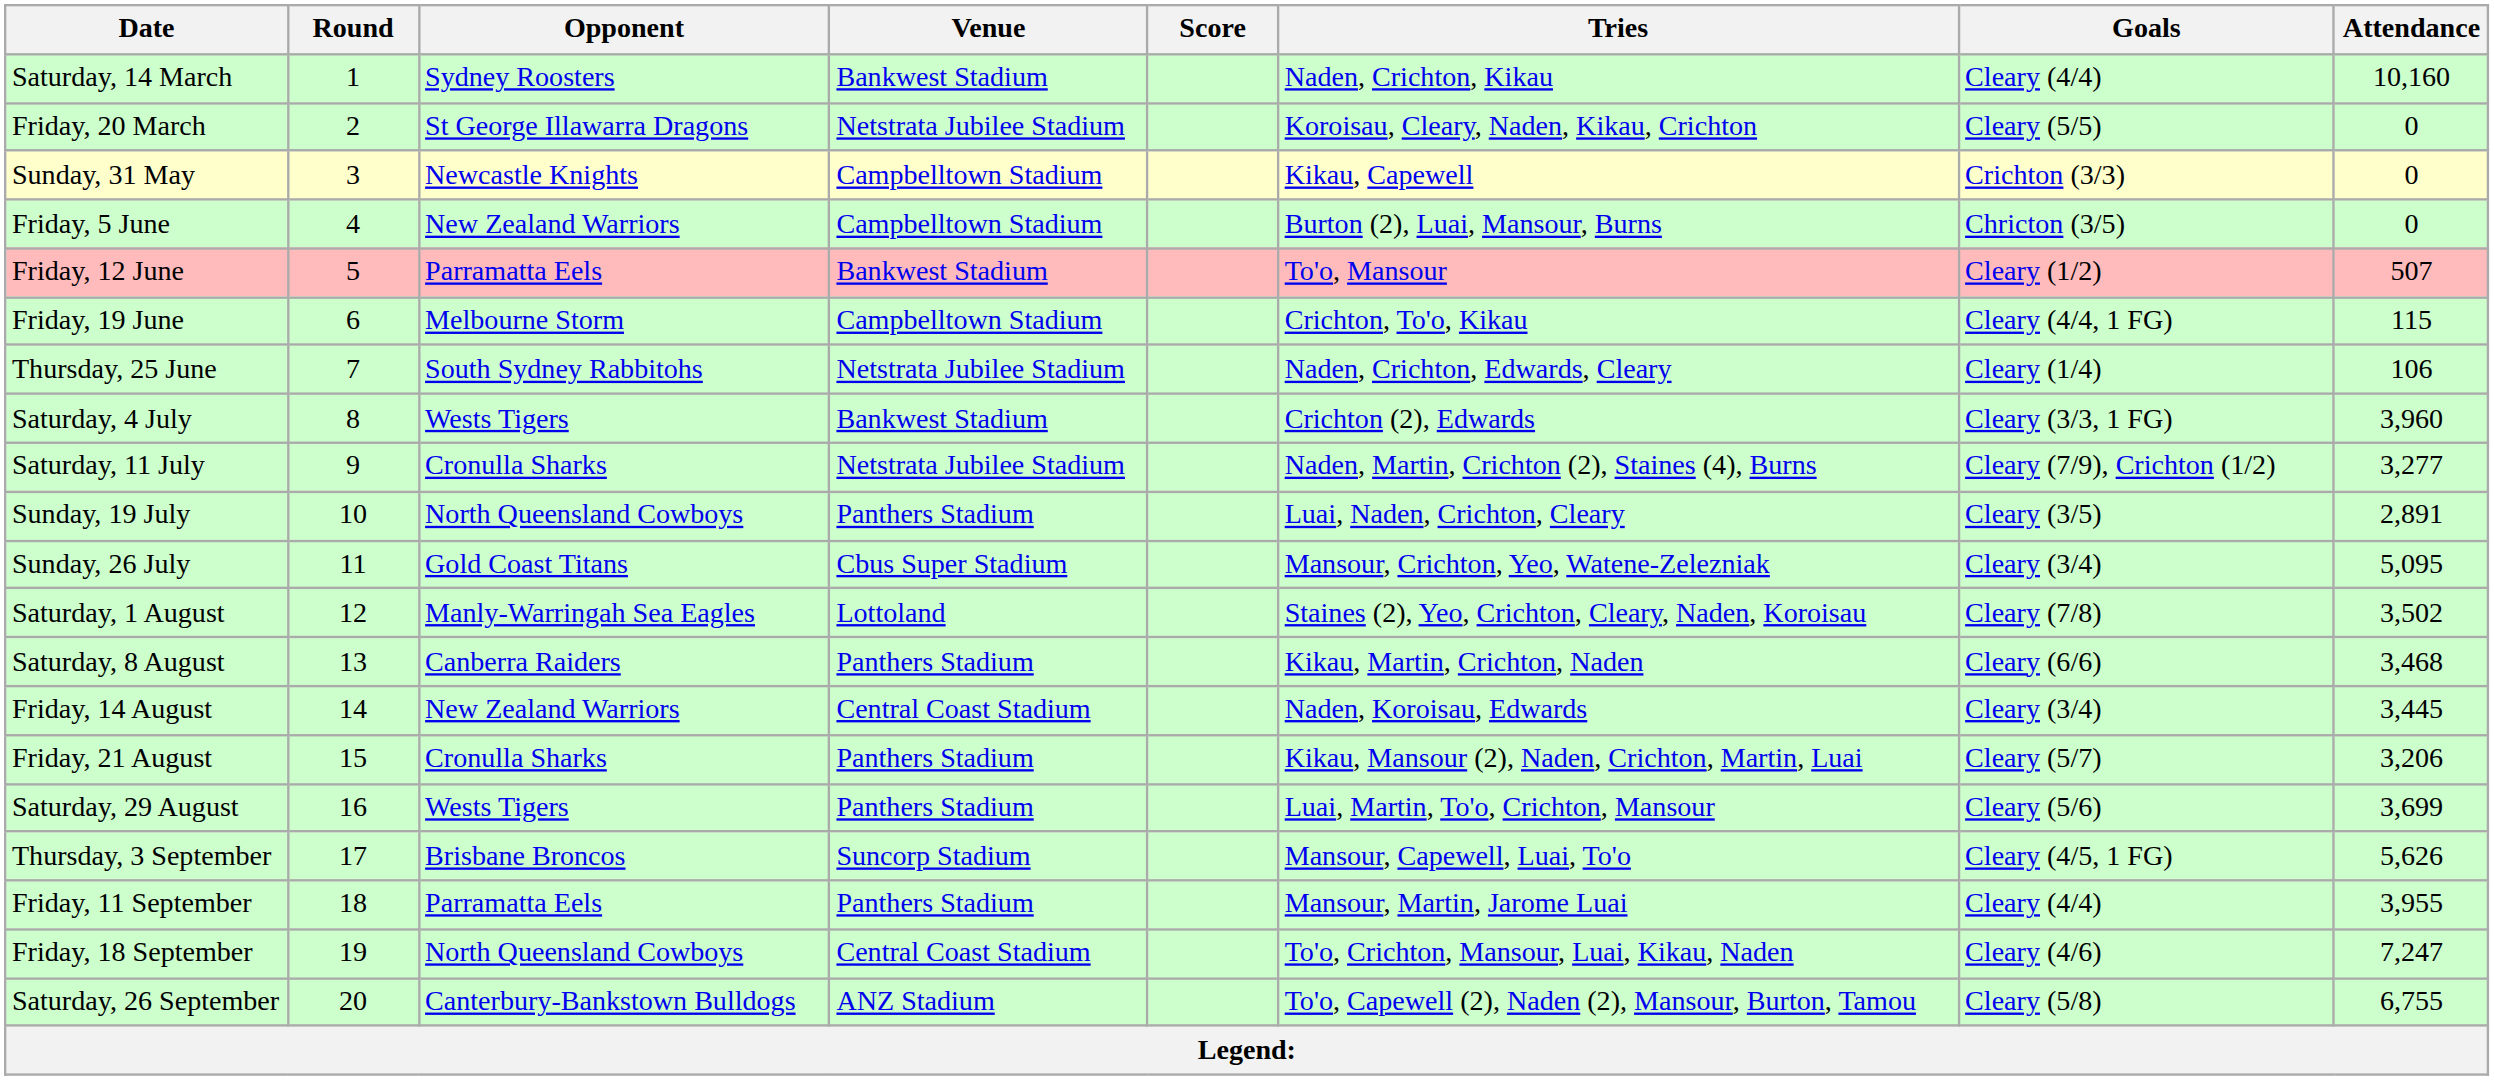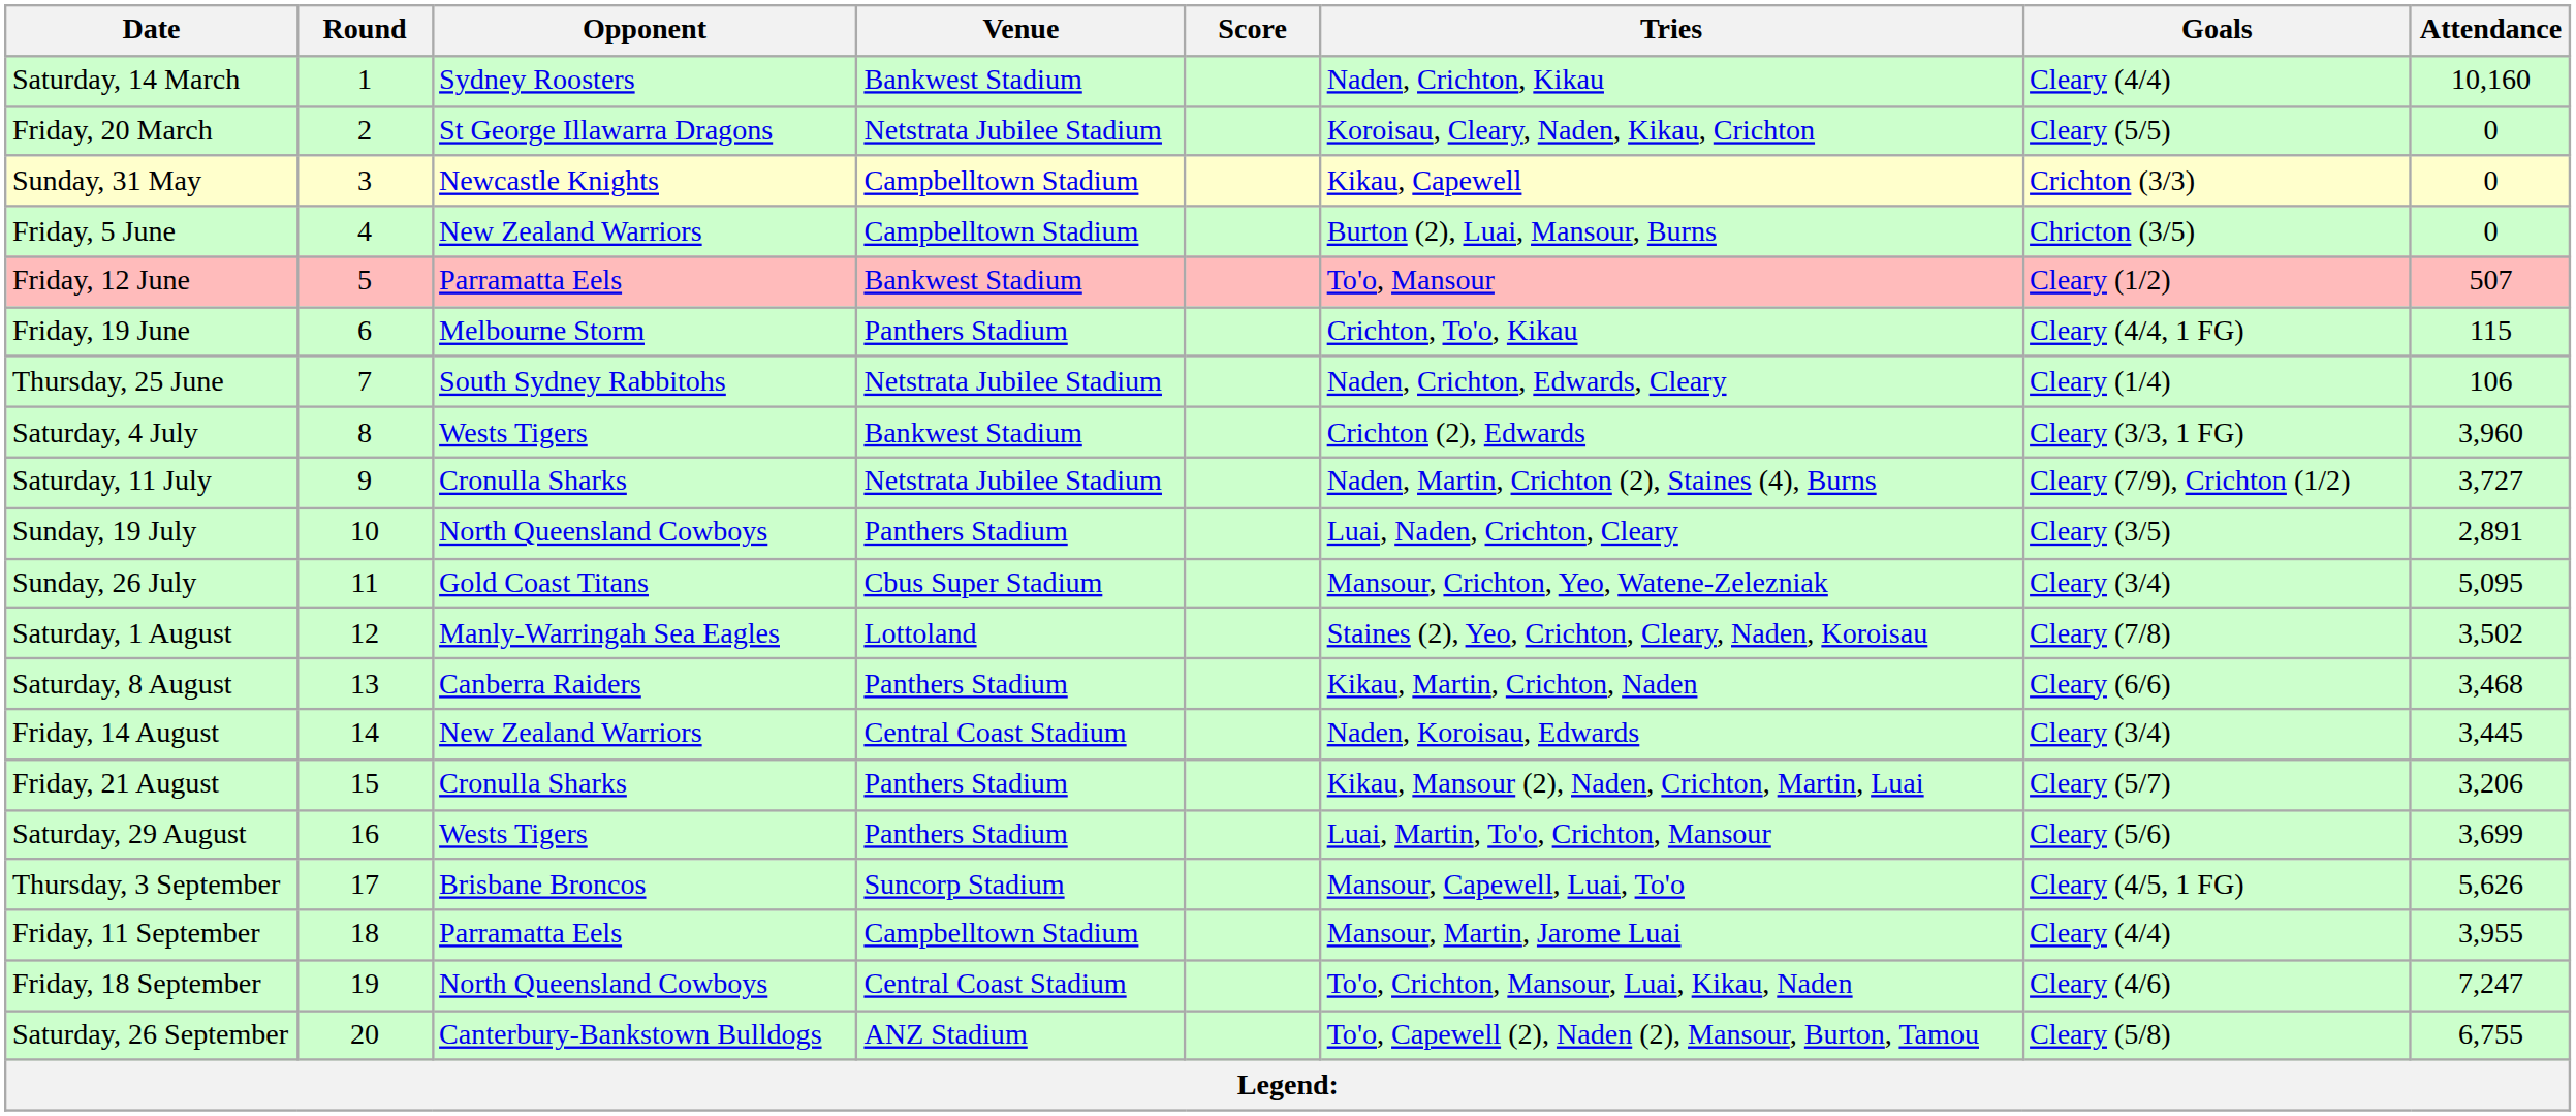 <table class="wikitable" style="font-size:75%;">
 <tr>
 <th style="width:115px;">Date</th>
 <th style="width:50px;">Round</th>
 <th style="width:170px;">Opponent</th>
 <th style="width:130px;">Venue</th>
 <th style="width:50px;">Score</th>
 <th style="width:285px;">Tries</th>
 <th style="width:155px;">Goals</th>
 <th style="width:60px;">Attendance</th>
 </tr>
 <tr style="background:#cfc;">
 <td>Saturday, 14 March</td>
 <td style="text-align:center;">1</td>
 <td> <a href='#'>Sydney Roosters</a></td>
 <td><a href='#'>Bankwest Stadium</a></td>
 <td style="text-align:center;"></td>
 <td><a href='#'>Naden</a>, <a href='#'>Crichton</a>, <a href='#'>Kikau</a></td>
 <td><a href='#'>Cleary</a> (4/4)</td>
 <td style="text-align:center;">10,160</td>
 </tr>
 <tr style="background:#cfc;">
 <td>Friday, 20 March</td>
 <td style="text-align:center;">2</td>
 <td> <a href='#'>St George Illawarra Dragons</a></td>
 <td><a href='#'>Netstrata Jubilee Stadium</a></td>
 <td style="text-align:center;"></td>
 <td><a href='#'>Koroisau</a>, <a href='#'>Cleary</a>, <a href='#'>Naden</a>, <a href='#'>Kikau</a>, <a href='#'>Crichton</a></td>
 <td><a href='#'>Cleary</a> (5/5)</td>
 <td style="text-align:center;">0</td>
 </tr>
 <tr style="background:#FFFFCC;">
 <td>Sunday, 31 May</td>
 <td style="text-align:center;">3</td>
 <td> <a href='#'>Newcastle Knights</a></td>
 <td><a href='#'>Campbelltown Stadium</a></td>
 <td style="text-align:center;"></td>
 <td><a href='#'>Kikau</a>, <a href='#'>Capewell</a></td>
 <td><a href='#'>Crichton</a> (3/3)</td>
 <td style="text-align:center;">0</td>
 </tr>
 <tr style="background:#cfc;">
 <td>Friday, 5 June</td>
 <td style="text-align:center;">4</td>
 <td> <a href='#'>New Zealand Warriors</a></td>
 <td><a href='#'>Campbelltown Stadium</a></td>
 <td style="text-align:center;"></td>
 <td><a href='#'>Burton</a> (2), <a href='#'>Luai</a>, <a href='#'>Mansour</a>, <a href='#'>Burns</a></td>
 <td><a href='#'>Chricton</a> (3/5)</td>
 <td style="text-align:center;">0</td>
 </tr>
 <tr style="background:#FFBBBB">
 <td>Friday, 12 June</td>
 <td style="text-align:center;">5</td>
 <td> <a href='#'>Parramatta Eels</a></td>
 <td><a href='#'>Bankwest Stadium</a></td>
 <td style="text-align:center;"></td>
 <td><a href='#'>To'o</a>, <a href='#'>Mansour</a></td>
 <td><a href='#'>Cleary</a> (1/2)</td>
 <td style="text-align:center;">507</td>
 </tr>
 <tr style="background:#cfc;">
 <td>Friday, 19 June</td>
 <td style="text-align:center;">6</td>
 <td> <a href='#'>Melbourne Storm</a></td>
-<td><a href='#'>Campbelltown Stadium</a></td>
+<td><a href='#'>Panthers Stadium</a></td>
 <td style="text-align:center;"></td>
 <td><a href='#'>Crichton</a>, <a href='#'>To'o</a>, <a href='#'>Kikau</a></td>
 <td><a href='#'>Cleary</a> (4/4, 1 FG)</td>
 <td style="text-align:center;">115</td>
 </tr>
 <tr style="background:#cfc;">
 <td>Thursday, 25 June</td>
 <td style="text-align:center;">7</td>
 <td> <a href='#'>South Sydney Rabbitohs</a></td>
 <td><a href='#'>Netstrata Jubilee Stadium</a></td>
 <td style="text-align:center;"></td>
 <td><a href='#'>Naden</a>, <a href='#'>Crichton</a>, <a href='#'>Edwards</a>, <a href='#'>Cleary</a></td>
 <td><a href='#'>Cleary</a> (1/4)</td>
 <td style="text-align:center;">106</td>
 </tr>
 <tr style="background:#cfc;">
 <td>Saturday, 4 July</td>
 <td style="text-align:center;">8</td>
 <td> <a href='#'>Wests Tigers</a></td>
 <td><a href='#'>Bankwest Stadium</a></td>
 <td style="text-align:center;"></td>
 <td><a href='#'>Crichton</a> (2), <a href='#'>Edwards</a></td>
 <td><a href='#'>Cleary</a> (3/3, 1 FG)</td>
 <td style="text-align:center;">3,960</td>
 </tr>
 <tr style="background:#cfc;">
 <td>Saturday, 11 July</td>
 <td style="text-align:center;">9</td>
 <td> <a href='#'>Cronulla Sharks</a></td>
 <td><a href='#'>Netstrata Jubilee Stadium</a></td>
 <td style="text-align:center;"></td>
 <td><a href='#'>Naden</a>, <a href='#'>Martin</a>, <a href='#'>Crichton</a> (2), <a href='#'>Staines</a> (4), <a href='#'>Burns</a></td>
 <td><a href='#'>Cleary</a> (7/9), <a href='#'>Crichton</a> (1/2)</td>
-<td style="text-align:center;">3,277</td>
+<td style="text-align:center;">3,727</td>
 </tr>
 <tr style="background:#cfc;">
 <td>Sunday, 19 July</td>
 <td style="text-align:center;">10</td>
 <td> <a href='#'>North Queensland Cowboys</a></td>
 <td><a href='#'>Panthers Stadium</a></td>
 <td style="text-align:center;"></td>
 <td><a href='#'>Luai</a>, <a href='#'>Naden</a>, <a href='#'>Crichton</a>, <a href='#'>Cleary</a></td>
 <td><a href='#'>Cleary</a> (3/5)</td>
 <td style="text-align:center;">2,891</td>
 </tr>
 <tr style="background:#cfc;">
 <td>Sunday, 26 July</td>
 <td style="text-align:center;">11</td>
 <td> <a href='#'>Gold Coast Titans</a></td>
 <td><a href='#'>Cbus Super Stadium</a></td>
 <td style="text-align:center;"></td>
 <td><a href='#'>Mansour</a>, <a href='#'>Crichton</a>, <a href='#'>Yeo</a>, <a href='#'>Watene-Zelezniak</a></td>
 <td><a href='#'>Cleary</a> (3/4)</td>
 <td style="text-align:center;">5,095</td>
 </tr>
 <tr style="background:#cfc;">
 <td>Saturday, 1 August</td>
 <td style="text-align:center;">12</td>
 <td> <a href='#'>Manly-Warringah Sea Eagles</a></td>
 <td><a href='#'>Lottoland</a></td>
 <td style="text-align:center;"></td>
 <td><a href='#'>Staines</a> (2), <a href='#'>Yeo</a>, <a href='#'>Crichton</a>, <a href='#'>Cleary</a>, <a href='#'>Naden</a>, <a href='#'>Koroisau</a></td>
 <td><a href='#'>Cleary</a> (7/8)</td>
 <td style="text-align:center;">3,502</td>
 </tr>
 <tr style="background:#cfc;">
 <td>Saturday, 8 August</td>
 <td style="text-align:center;">13</td>
 <td> <a href='#'>Canberra Raiders</a></td>
 <td><a href='#'>Panthers Stadium</a></td>
 <td style="text-align:center;"></td>
 <td><a href='#'>Kikau</a>, <a href='#'>Martin</a>, <a href='#'>Crichton</a>, <a href='#'>Naden</a></td>
 <td><a href='#'>Cleary</a> (6/6)</td>
 <td style="text-align:center;">3,468</td>
 </tr>
 <tr style="background:#cfc;">
 <td>Friday, 14 August</td>
 <td style="text-align:center;">14</td>
 <td> <a href='#'>New Zealand Warriors</a></td>
 <td><a href='#'>Central Coast Stadium</a></td>
 <td style="text-align:center;"></td>
 <td><a href='#'>Naden</a>, <a href='#'>Koroisau</a>, <a href='#'>Edwards</a></td>
 <td><a href='#'>Cleary</a> (3/4)</td>
 <td style="text-align:center;">3,445</td>
 </tr>
 <tr style="background:#cfc;">
 <td>Friday, 21 August</td>
 <td style="text-align:center;">15</td>
 <td> <a href='#'>Cronulla Sharks</a></td>
 <td><a href='#'>Panthers Stadium</a></td>
 <td style="text-align:center;"></td>
 <td><a href='#'>Kikau</a>, <a href='#'>Mansour</a> (2), <a href='#'>Naden</a>, <a href='#'>Crichton</a>, <a href='#'>Martin</a>, <a href='#'>Luai</a></td>
 <td><a href='#'>Cleary</a> (5/7)</td>
 <td style="text-align:center;">3,206</td>
 </tr>
 <tr style="background:#cfc;">
 <td>Saturday, 29 August</td>
 <td style="text-align:center;">16</td>
 <td> <a href='#'>Wests Tigers</a></td>
 <td><a href='#'>Panthers Stadium</a></td>
 <td style="text-align:center;"></td>
 <td><a href='#'>Luai</a>, <a href='#'>Martin</a>, <a href='#'>To'o</a>, <a href='#'>Crichton</a>, <a href='#'>Mansour</a></td>
 <td><a href='#'>Cleary</a> (5/6)</td>
 <td style="text-align:center;">3,699</td>
 </tr>
 <tr style="background:#cfc;">
 <td>Thursday, 3 September</td>
 <td style="text-align:center;">17</td>
 <td> <a href='#'>Brisbane Broncos</a></td>
 <td><a href='#'>Suncorp Stadium</a></td>
 <td style="text-align:center;"></td>
 <td><a href='#'>Mansour</a>, <a href='#'>Capewell</a>, <a href='#'>Luai</a>, <a href='#'>To'o</a></td>
 <td><a href='#'>Cleary</a> (4/5, 1 FG)</td>
 <td style="text-align:center;">5,626</td>
 </tr>
 <tr style="background:#cfc;">
 <td>Friday, 11 September</td>
 <td style="text-align:center;">18</td>
 <td> <a href='#'>Parramatta Eels</a></td>
-<td><a href='#'>Panthers Stadium</a></td>
+<td><a href='#'>Campbelltown Stadium</a></td>
 <td style="text-align:center;"></td>
 <td><a href='#'>Mansour</a>, <a href='#'>Martin</a>, <a href='#'>Jarome Luai</a></td>
 <td><a href='#'>Cleary</a> (4/4)</td>
 <td style="text-align:center;">3,955</td>
 </tr>
 <tr style="background:#cfc;">
 <td>Friday, 18 September</td>
 <td style="text-align:center;">19</td>
 <td> <a href='#'>North Queensland Cowboys</a></td>
 <td><a href='#'>Central Coast Stadium</a></td>
 <td style="text-align:center;"></td>
 <td><a href='#'>To'o</a>, <a href='#'>Crichton</a>, <a href='#'>Mansour</a>, <a href='#'>Luai</a>, <a href='#'>Kikau</a>, <a href='#'>Naden</a></td>
 <td><a href='#'>Cleary</a> (4/6)</td>
 <td style="text-align:center;">7,247</td>
 </tr>
 <tr style="background:#cfc;">
 <td>Saturday, 26 September</td>
 <td style="text-align:center;">20</td>
 <td> <a href='#'>Canterbury-Bankstown Bulldogs</a></td>
 <td><a href='#'>ANZ Stadium</a></td>
 <td style="text-align:center;"></td>
 <td><a href='#'>To'o</a>, <a href='#'>Capewell</a> (2), <a href='#'>Naden</a> (2), <a href='#'>Mansour</a>, <a href='#'>Burton</a>, <a href='#'>Tamou</a></td>
 <td><a href='#'>Cleary</a> (5/8)</td>
 <td style="text-align:center;">6,755</td>
 </tr>
 <tr>
 <th colspan="9">Legend:    </th>
 </tr>
 </table>
